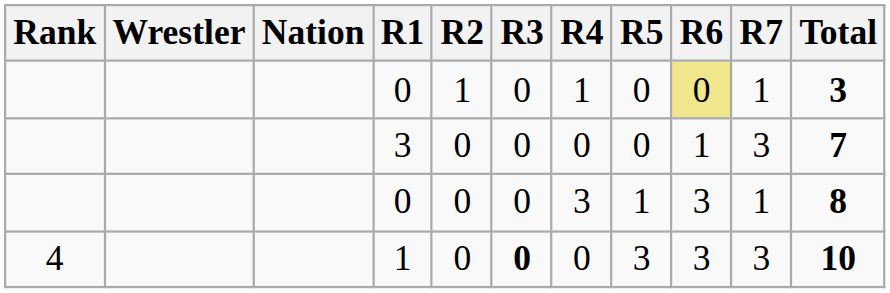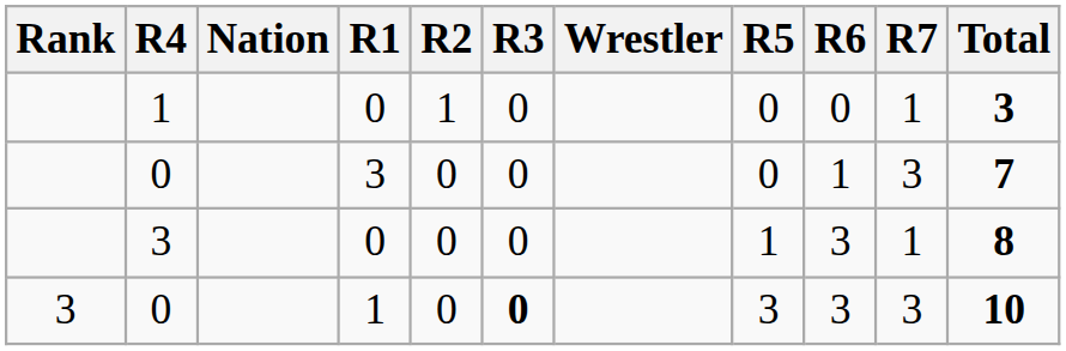 <table class="wikitable sortable" style="text-align:center;">
 <tr>
 <th>Rank</th>
-<th>Wrestler</th>
+<th>R4</th>
 <th>Nation</th>
 <th>R1</th>
 <th>R2</th>
 <th>R3</th>
-<th>R4</th>
+<th>Wrestler</th>
 <th>R5</th>
 <th>R6</th>
 <th>R7</th>
 <th>Total</th>
 </tr>
 <tr>
 <td></td>
-<td align=left></td>
+<td>1</td>
 <td align=left></td>
 <td>0</td>
 <td>1</td>
 <td>0</td>
-<td>1</td>
+<td align=left></td>
 <td>0</td>
-<td style="background: khaki;">0</td>
+<td>0</td>
 <td>1</td>
 <td><strong>3</strong></td>
 </tr>
 <tr>
 <td></td>
-<td align=left></td>
+<td>0</td>
 <td align=left></td>
 <td>3</td>
 <td>0</td>
 <td>0</td>
-<td>0</td>
+<td align=left></td>
 <td>0</td>
 <td>1</td>
 <td>3</td>
 <td><strong>7</strong></td>
 </tr>
 <tr>
 <td></td>
-<td align=left></td>
+<td>3</td>
 <td align=left></td>
 <td>0</td>
 <td>0</td>
 <td>0</td>
-<td>3</td>
+<td align=left></td>
 <td>1</td>
 <td>3</td>
 <td>1</td>
 <td><strong>8</strong></td>
 </tr>
 <tr>
-<td>4</td>
-<td align=left></td>
+<td>3</td>
+<td>0</td>
 <td align=left></td>
 <td>1</td>
 <td>0</td>
 <td><strong>0</strong></td>
-<td>0</td>
+<td align=left></td>
 <td>3</td>
 <td>3</td>
 <td>3</td>
 <td><strong>10</strong></td>
 </tr>
 </table>
